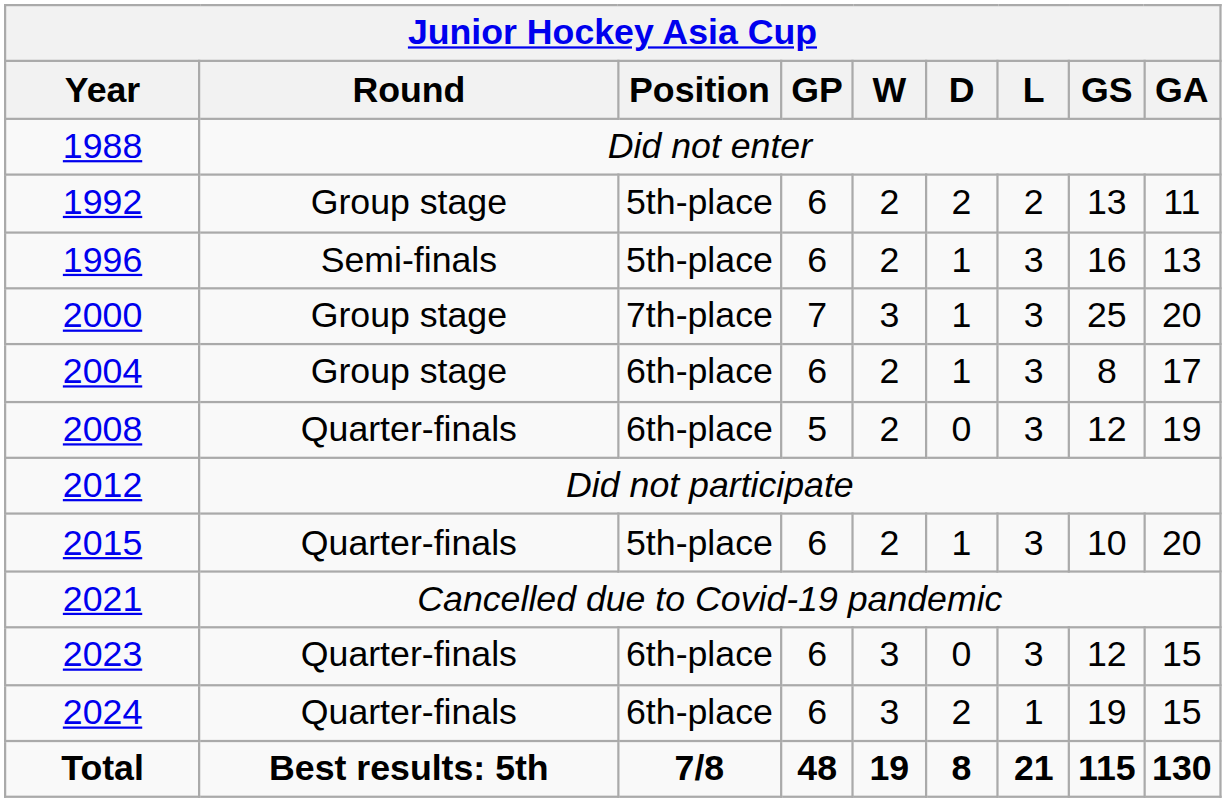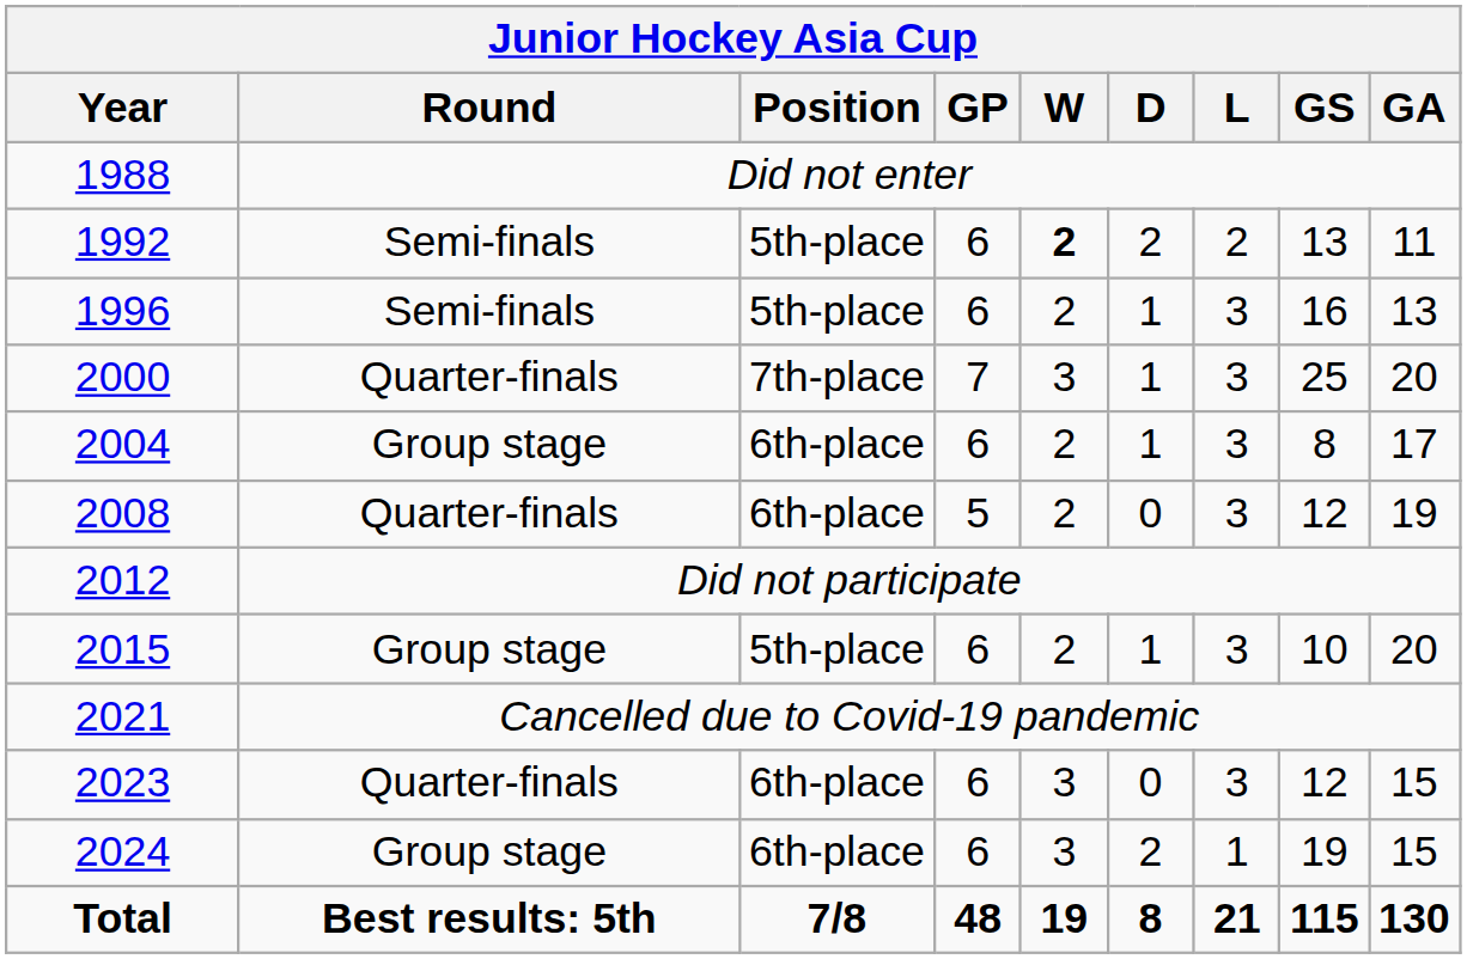 <table class="wikitable" style="text-align: center">
 <tr>
 <th colspan=9><a href='#'>Junior Hockey Asia Cup</a></th>
 </tr>
 <tr>
 <th width=80>Year</th>
 <th width=180>Round</th>
 <th>Position</th>
 <th width=25>GP</th>
 <th width=25>W</th>
 <th width=25>D</th>
 <th width=25>L</th>
 <th width=25>GS</th>
 <th width=25>GA</th>
 </tr>
 <tr>
 <td> <a href='#'>1988</a></td>
 <td colspan=8><em>Did not enter</em></td>
 </tr>
 <tr>
 <td> <a href='#'>1992</a></td>
-<td>Group stage</td>
+<td>Semi-finals</td>
 <td>5th-place</td>
 <td>6</td>
-<td>2</td>
+<td><strong>2</strong></td>
 <td>2</td>
 <td>2</td>
 <td>13</td>
 <td>11</td>
 </tr>
 <tr>
 <td> <a href='#'>1996</a></td>
 <td>Semi-finals</td>
 <td>5th-place</td>
 <td>6</td>
 <td>2</td>
 <td>1</td>
 <td>3</td>
 <td>16</td>
 <td>13</td>
 </tr>
 <tr>
 <td> <a href='#'>2000</a></td>
-<td>Group stage</td>
+<td>Quarter-finals</td>
 <td>7th-place</td>
 <td>7</td>
 <td>3</td>
 <td>1</td>
 <td>3</td>
 <td>25</td>
 <td>20</td>
 </tr>
 <tr>
 <td> <a href='#'>2004</a></td>
 <td>Group stage</td>
 <td>6th-place</td>
 <td>6</td>
 <td>2</td>
 <td>1</td>
 <td>3</td>
 <td>8</td>
 <td>17</td>
 </tr>
 <tr>
 <td> <a href='#'>2008</a></td>
 <td>Quarter-finals</td>
 <td>6th-place</td>
 <td>5</td>
 <td>2</td>
 <td>0</td>
 <td>3</td>
 <td>12</td>
 <td>19</td>
 </tr>
 <tr>
 <td> <a href='#'>2012</a></td>
 <td colspan=8><em>Did not participate</em></td>
 </tr>
 <tr>
 <td> <a href='#'>2015</a></td>
-<td>Quarter-finals</td>
+<td>Group stage</td>
 <td>5th-place</td>
 <td>6</td>
 <td>2</td>
 <td>1</td>
 <td>3</td>
 <td>10</td>
 <td>20</td>
 </tr>
 <tr>
 <td> <a href='#'>2021</a></td>
 <td colspan=8><em>Cancelled due to Covid-19 pandemic</em></td>
 </tr>
 <tr>
 <td> <a href='#'>2023</a></td>
 <td>Quarter-finals</td>
 <td>6th-place</td>
 <td>6</td>
 <td>3</td>
 <td>0</td>
 <td>3</td>
 <td>12</td>
 <td>15</td>
 </tr>
 <tr>
 <td> <a href='#'>2024</a></td>
-<td>Quarter-finals</td>
+<td>Group stage</td>
 <td>6th-place</td>
 <td>6</td>
 <td>3</td>
 <td>2</td>
 <td>1</td>
 <td>19</td>
 <td>15</td>
 </tr>
 <tr>
 <td><strong>Total</strong></td>
 <td><strong>Best results: 5th</strong></td>
 <td><strong>7/8</strong></td>
 <td><strong>48</strong></td>
 <td><strong>19</strong></td>
 <td><strong>8</strong></td>
 <td><strong>21</strong></td>
 <td><strong>115</strong></td>
 <td><strong>130</strong></td>
 </tr>
 </table>
